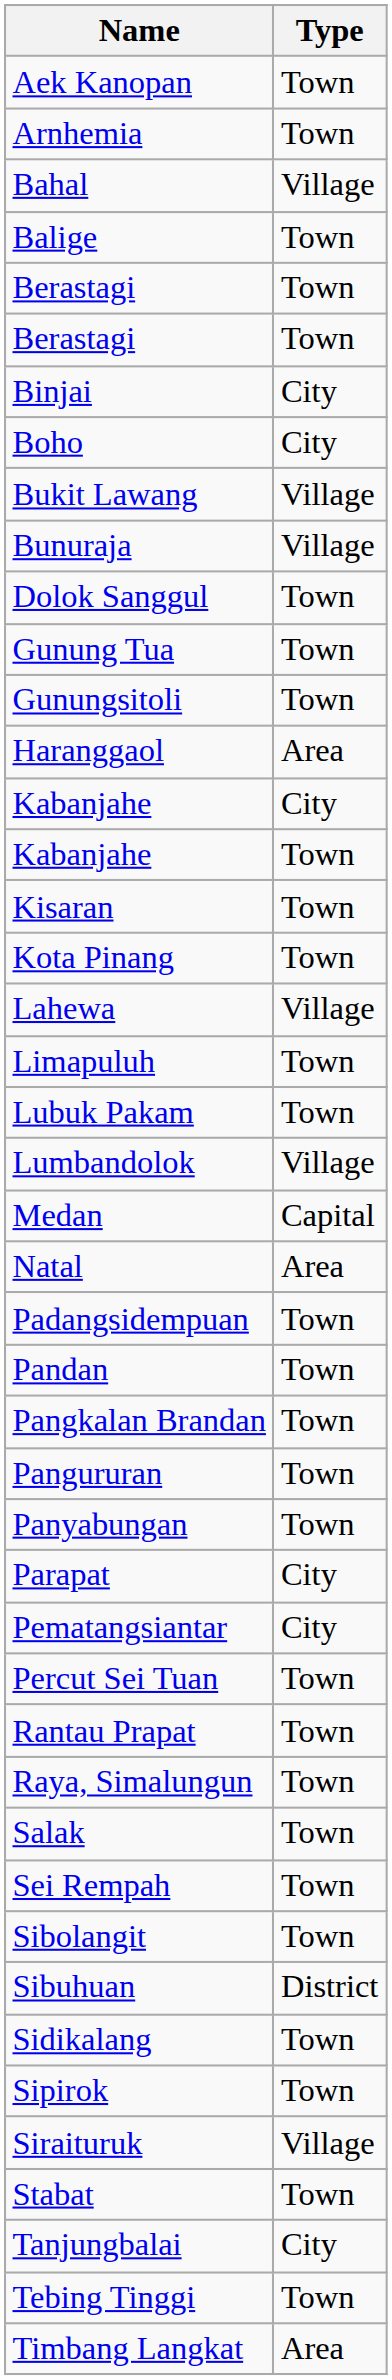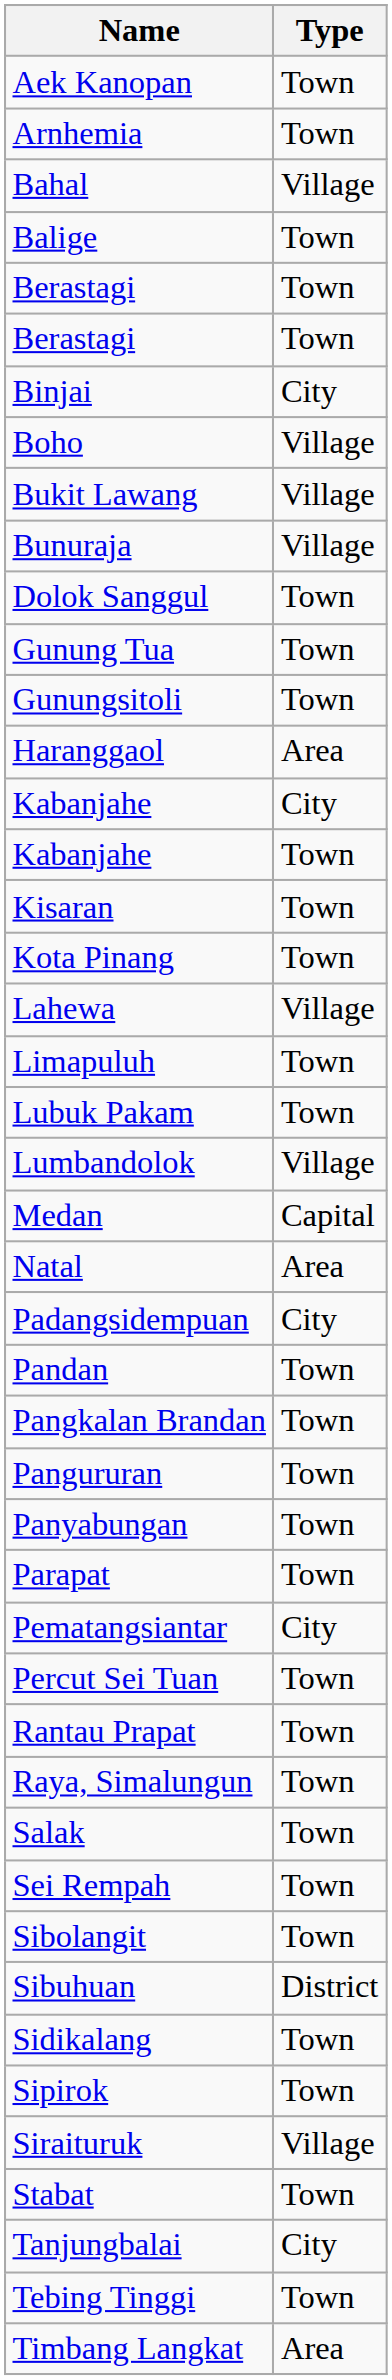 <table class="wikitable sortable">
 <tr>
 <th>Name</th>
 <th>Type</th>
 </tr>
 <tr>
 <td><a href='#'>Aek Kanopan</a></td>
 <td>Town</td>
 </tr>
 <tr>
 <td><a href='#'>Arnhemia</a></td>
 <td>Town</td>
 </tr>
 <tr>
 <td><a href='#'>Bahal</a></td>
 <td>Village</td>
 </tr>
 <tr>
 <td><a href='#'>Balige</a></td>
 <td>Town</td>
 </tr>
 <tr>
 <td><a href='#'>Berastagi</a></td>
 <td>Town</td>
 </tr>
 <tr>
 <td><a href='#'>Berastagi</a></td>
 <td>Town</td>
 </tr>
 <tr>
 <td><a href='#'>Binjai</a></td>
 <td>City</td>
 </tr>
 <tr>
 <td><a href='#'>Boho</a></td>
-<td>City</td>
+<td>Village</td>
 </tr>
 <tr>
 <td><a href='#'>Bukit Lawang</a></td>
 <td>Village</td>
 </tr>
 <tr>
 <td><a href='#'>Bunuraja</a></td>
 <td>Village</td>
 </tr>
 <tr>
 <td><a href='#'>Dolok Sanggul</a></td>
 <td>Town</td>
 </tr>
 <tr>
 <td><a href='#'>Gunung Tua</a></td>
 <td>Town</td>
 </tr>
 <tr>
 <td><a href='#'>Gunungsitoli</a></td>
 <td>Town</td>
 </tr>
 <tr>
 <td><a href='#'>Haranggaol</a></td>
 <td>Area</td>
 </tr>
 <tr>
 <td><a href='#'>Kabanjahe</a></td>
 <td>City</td>
 </tr>
 <tr>
 <td><a href='#'>Kabanjahe</a></td>
 <td>Town</td>
 </tr>
 <tr>
 <td><a href='#'>Kisaran</a></td>
 <td>Town</td>
 </tr>
 <tr>
 <td><a href='#'>Kota Pinang</a></td>
 <td>Town</td>
 </tr>
 <tr>
 <td><a href='#'>Lahewa</a></td>
 <td>Village</td>
 </tr>
 <tr>
 <td><a href='#'>Limapuluh</a></td>
 <td>Town</td>
 </tr>
 <tr>
 <td><a href='#'>Lubuk Pakam</a></td>
 <td>Town</td>
 </tr>
 <tr>
 <td><a href='#'>Lumbandolok</a></td>
 <td>Village</td>
 </tr>
 <tr>
 <td><a href='#'>Medan</a></td>
 <td>Capital</td>
 </tr>
 <tr>
 <td><a href='#'>Natal</a></td>
 <td>Area</td>
 </tr>
 <tr>
 <td><a href='#'>Padangsidempuan</a></td>
-<td>Town</td>
+<td>City</td>
 </tr>
 <tr>
 <td><a href='#'>Pandan</a></td>
 <td>Town</td>
 </tr>
 <tr>
 <td><a href='#'>Pangkalan Brandan</a></td>
 <td>Town</td>
 </tr>
 <tr>
 <td><a href='#'>Pangururan</a></td>
 <td>Town</td>
 </tr>
 <tr>
 <td><a href='#'>Panyabungan</a></td>
 <td>Town</td>
 </tr>
 <tr>
 <td><a href='#'>Parapat</a></td>
-<td>City</td>
+<td>Town</td>
 </tr>
 <tr>
 <td><a href='#'>Pematangsiantar</a></td>
 <td>City</td>
 </tr>
 <tr>
 <td><a href='#'>Percut Sei Tuan</a></td>
 <td>Town</td>
 </tr>
 <tr>
 <td><a href='#'>Rantau Prapat</a></td>
 <td>Town</td>
 </tr>
 <tr>
 <td><a href='#'>Raya, Simalungun</a></td>
 <td>Town</td>
 </tr>
 <tr>
 <td><a href='#'>Salak</a></td>
 <td>Town</td>
 </tr>
 <tr>
 <td><a href='#'>Sei Rempah</a></td>
 <td>Town</td>
 </tr>
 <tr>
 <td><a href='#'>Sibolangit</a></td>
 <td>Town</td>
 </tr>
 <tr>
 <td><a href='#'>Sibuhuan</a></td>
 <td>District</td>
 </tr>
 <tr>
 <td><a href='#'>Sidikalang</a></td>
 <td>Town</td>
 </tr>
 <tr>
 <td><a href='#'>Sipirok</a></td>
 <td>Town</td>
 </tr>
 <tr>
 <td><a href='#'>Siraituruk</a></td>
 <td>Village</td>
 </tr>
 <tr>
 <td><a href='#'>Stabat</a></td>
 <td>Town</td>
 </tr>
 <tr>
 <td><a href='#'>Tanjungbalai</a></td>
 <td>City</td>
 </tr>
 <tr>
 <td><a href='#'>Tebing Tinggi</a></td>
 <td>Town</td>
 </tr>
 <tr>
 <td><a href='#'>Timbang Langkat</a></td>
 <td>Area</td>
 </tr>
 </table>
